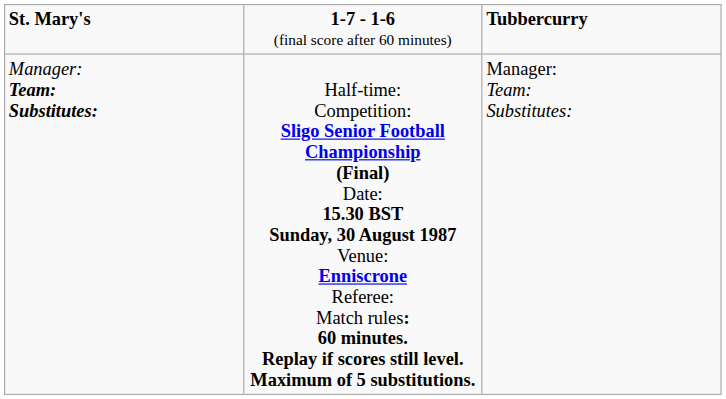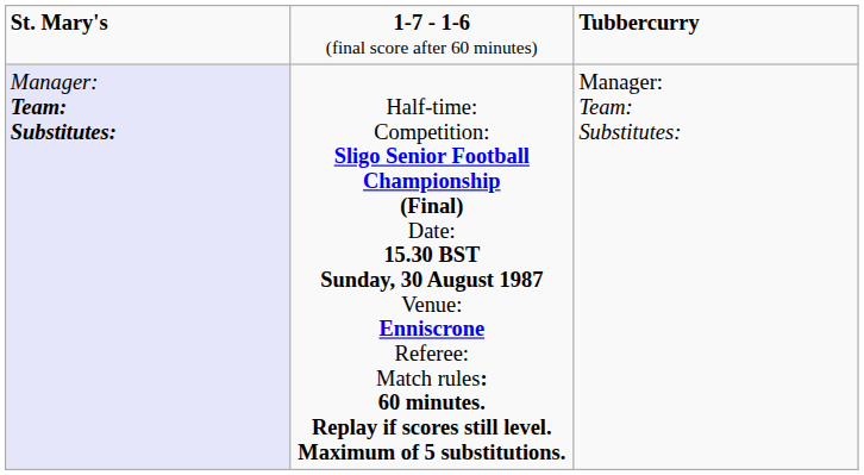 <table border=0 class="wikitable" width=100%>
 <tr>
 <td width=33% valign=top><span><strong>St. Mary's</strong></span><br><small></small></td>
 <td width=33% valign=top align=center><span><strong>1-7 - 1-6</strong></span><br><small>(final score after 60 minutes)</small></td>
 <td width=33% valign=top><span><strong>Tubbercurry</strong></span><br><small></small></td>
 </tr>
 <tr>
-<td valign=top><em>Manager:<strong><strong><em><br></em>Team:<em> <br></em>Substitutes:<em> <br></td>
+<td valign=top style="background: lavender;"><em>Manager:<strong><strong><em><br></em>Team:<em> <br></em>Substitutes:<em> <br></td>
 <td valign=middle align=center><br></strong>Half-time:<strong><br></strong>Competition:<strong><br><a href='#'>Sligo Senior Football Championship</a><br>(Final)<br></strong>Date:<strong><br>15.30 BST<br>Sunday, 30 August 1987<br></strong>Venue:<strong><br><a href='#'>Enniscrone</a><br></strong>Referee:<strong><br></strong>Match rules<strong>:<br>60 minutes.<br>Replay if scores still level.<br>Maximum of 5 substitutions. </td>
 <td valign=top></em>Manager:</strong></em></strong><br><em>Team:</em> <br><em>Substitutes:</em> <br></td>
 </tr>
 </table>
